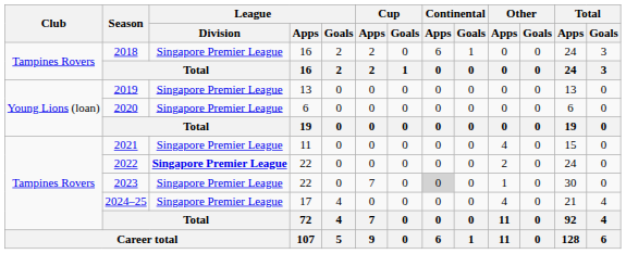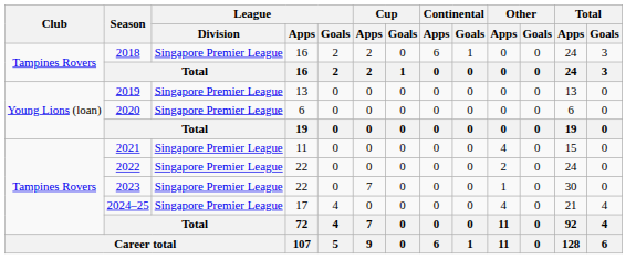 <table class="wikitable" style="text-align: center">
 <tr>
 <th rowspan="2">Club</th>
 <th rowspan="2">Season</th>
 <th colspan="3">League</th>
 <th colspan="2">Cup</th>
 <th colspan="2">Continental</th>
 <th colspan="2">Other</th>
 <th colspan="2">Total</th>
 </tr>
 <tr>
 <th>Division</th>
 <th>Apps</th>
 <th>Goals</th>
 <th>Apps</th>
 <th>Goals</th>
 <th>Apps</th>
 <th>Goals</th>
 <th>Apps</th>
 <th>Goals</th>
 <th>Apps</th>
 <th>Goals</th>
 </tr>
 <tr>
 <td rowspan="2"><a href='#'>Tampines Rovers</a></td>
 <td><a href='#'>2018</a></td>
 <td><a href='#'>Singapore Premier League</a></td>
 <td>16</td>
 <td>2</td>
 <td>2</td>
 <td>0</td>
 <td>6</td>
 <td>1</td>
 <td>0</td>
 <td>0</td>
 <td>24</td>
 <td>3</td>
 </tr>
 <tr>
 <th colspan=2>Total</th>
 <th>16</th>
 <th>2</th>
 <th>2</th>
 <th>1</th>
 <th>0</th>
 <th>0</th>
 <th>0</th>
 <th>0</th>
 <th>24</th>
 <th>3</th>
 </tr>
 <tr>
 <td rowspan="3"><a href='#'>Young Lions</a> (loan)</td>
 <td><a href='#'>2019</a></td>
 <td><a href='#'>Singapore Premier League</a></td>
 <td>13</td>
 <td>0</td>
 <td>0</td>
 <td>0</td>
 <td>0</td>
 <td>0</td>
 <td>0</td>
 <td>0</td>
 <td>13</td>
 <td>0</td>
 </tr>
 <tr>
 <td><a href='#'>2020</a></td>
 <td><a href='#'>Singapore Premier League</a></td>
 <td>6</td>
 <td>0</td>
 <td>0</td>
 <td>0</td>
 <td>0</td>
 <td>0</td>
 <td>0</td>
 <td>0</td>
 <td>6</td>
 <td>0</td>
 </tr>
 <tr>
 <th colspan=2>Total</th>
 <th>19</th>
 <th>0</th>
 <th>0</th>
 <th>0</th>
 <th>0</th>
 <th>0</th>
 <th>0</th>
 <th>0</th>
 <th>19</th>
 <th>0</th>
 </tr>
 <tr>
 <td rowspan="5"><a href='#'>Tampines Rovers</a></td>
 <td><a href='#'>2021</a></td>
 <td><a href='#'>Singapore Premier League</a></td>
 <td>11</td>
 <td>0</td>
 <td>0</td>
 <td>0</td>
 <td>0</td>
 <td>0</td>
 <td>4</td>
 <td>0</td>
 <td>15</td>
 <td>0</td>
 </tr>
 <tr>
 <td><a href='#'>2022</a></td>
-<td><strong><a href='#'>Singapore Premier League</a></strong></td>
+<td><a href='#'>Singapore Premier League</a></td>
 <td>22</td>
 <td>0</td>
 <td>0</td>
 <td>0</td>
 <td>0</td>
 <td>0</td>
 <td>2</td>
 <td>0</td>
 <td>24</td>
 <td>0</td>
 </tr>
 <tr>
 <td><a href='#'>2023</a></td>
 <td><a href='#'>Singapore Premier League</a></td>
 <td>22</td>
 <td>0</td>
 <td>7</td>
 <td>0</td>
-<td style="background: lightgrey;">0</td>
+<td>0</td>
 <td>0</td>
 <td>1</td>
 <td>0</td>
 <td>30</td>
 <td>0</td>
 </tr>
 <tr>
 <td><a href='#'>2024–25</a></td>
 <td><a href='#'>Singapore Premier League</a></td>
 <td>17</td>
 <td>4</td>
 <td>0</td>
 <td>0</td>
 <td>0</td>
 <td>0</td>
 <td>4</td>
 <td>0</td>
 <td>21</td>
 <td>4</td>
 </tr>
 <tr>
 <th colspan=2>Total</th>
 <th>72</th>
 <th>4</th>
 <th>7</th>
 <th>0</th>
 <th>0</th>
 <th>0</th>
 <th>11</th>
 <th>0</th>
 <th>92</th>
 <th>4</th>
 </tr>
 <tr>
 <th colspan=3>Career total</th>
 <th>107</th>
 <th>5</th>
 <th>9</th>
 <th>0</th>
 <th>6</th>
 <th>1</th>
 <th>11</th>
 <th>0</th>
 <th>128</th>
 <th>6</th>
 </tr>
 </table>
